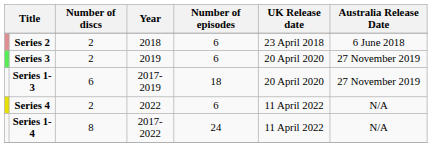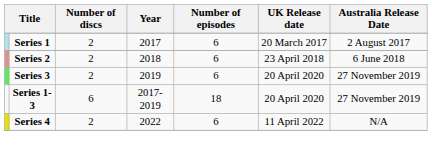 <table class="wikitable" style="width:50%; left:0 auto; text-align:center;">
 <tr>
 <th colspan=2>Title</th>
 <th>Number of discs</th>
 <th>Year</th>
 <th>Number of episodes</th>
 <th>UK Release date</th>
 <th>Australia Release Date</th>
 </tr>
 <tr>
+</tr>
+<tr>
+<td style="background:#ACE5EE;"></td>
+<td><strong>Series 1</strong></td>
+<td>2</td>
+<td>2017</td>
+<td>6</td>
+<td>20 March 2017</td>
+<td>2 August 2017</td>
 </tr>
 <tr>
 </tr>
 <tr>
 <td style="background:#DF8E91;"></td>
 <td><strong>Series 2</strong></td>
 <td>2</td>
 <td>2018</td>
 <td>6</td>
 <td>23 April 2018</td>
 <td>6 June 2018</td>
 </tr>
 <tr>
 <td style="background:#55EE55;"></td>
 <td><strong>Series 3</strong></td>
 <td>2</td>
 <td>2019</td>
 <td>6</td>
 <td>20 April 2020</td>
 <td>27 November 2019</td>
 </tr>
 <tr>
 <td></td>
 <td><strong>Series 1-3</strong></td>
 <td>6</td>
 <td>2017-2019</td>
 <td>18</td>
 <td>20 April 2020</td>
 <td>27 November 2019</td>
 </tr>
 <tr>
 <td style="background:#e7e000;"></td>
 <td><strong>Series 4</strong></td>
 <td>2</td>
 <td>2022</td>
 <td>6</td>
 <td>11 April 2022</td>
 <td>N/A</td>
 </tr>
 <tr>
-<td></td>
-<td><strong>Series 1-4</strong></td>
-<td>8</td>
-<td>2017-2022</td>
-<td>24</td>
-<td>11 April 2022</td>
-<td>N/A</td>
-</tr>
-<tr>
 </tr>
 </table>
